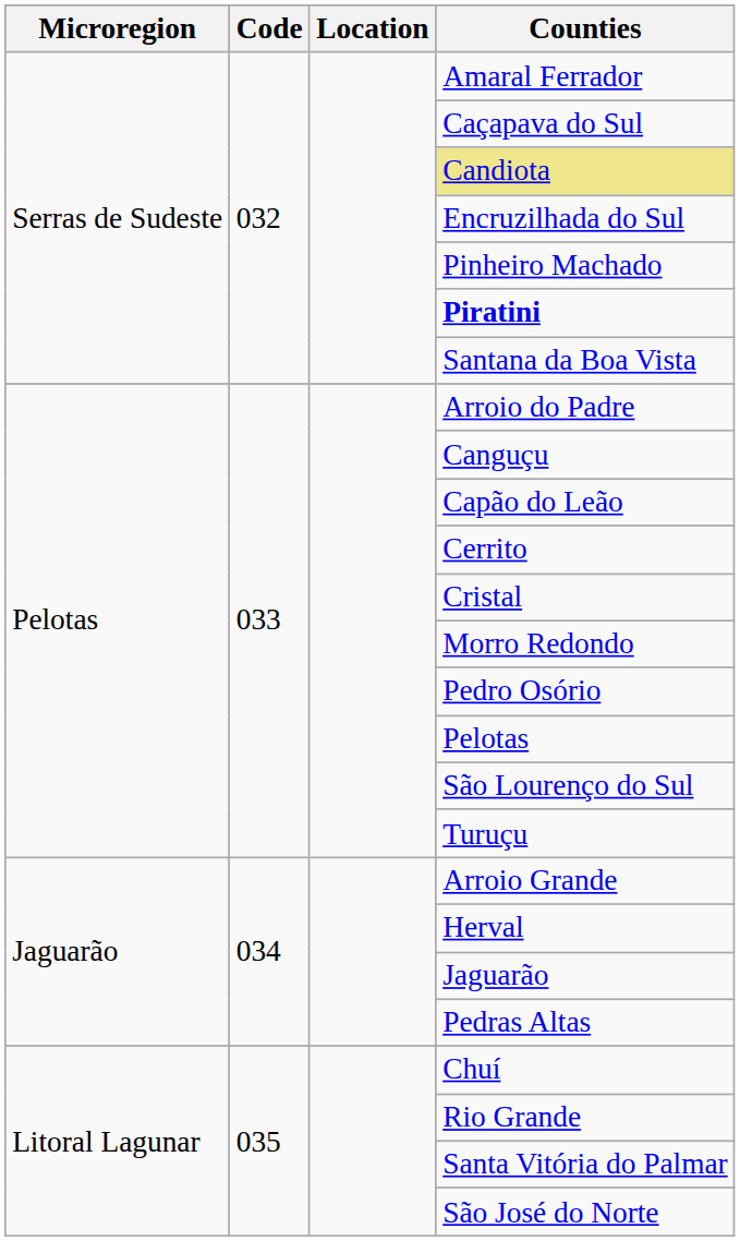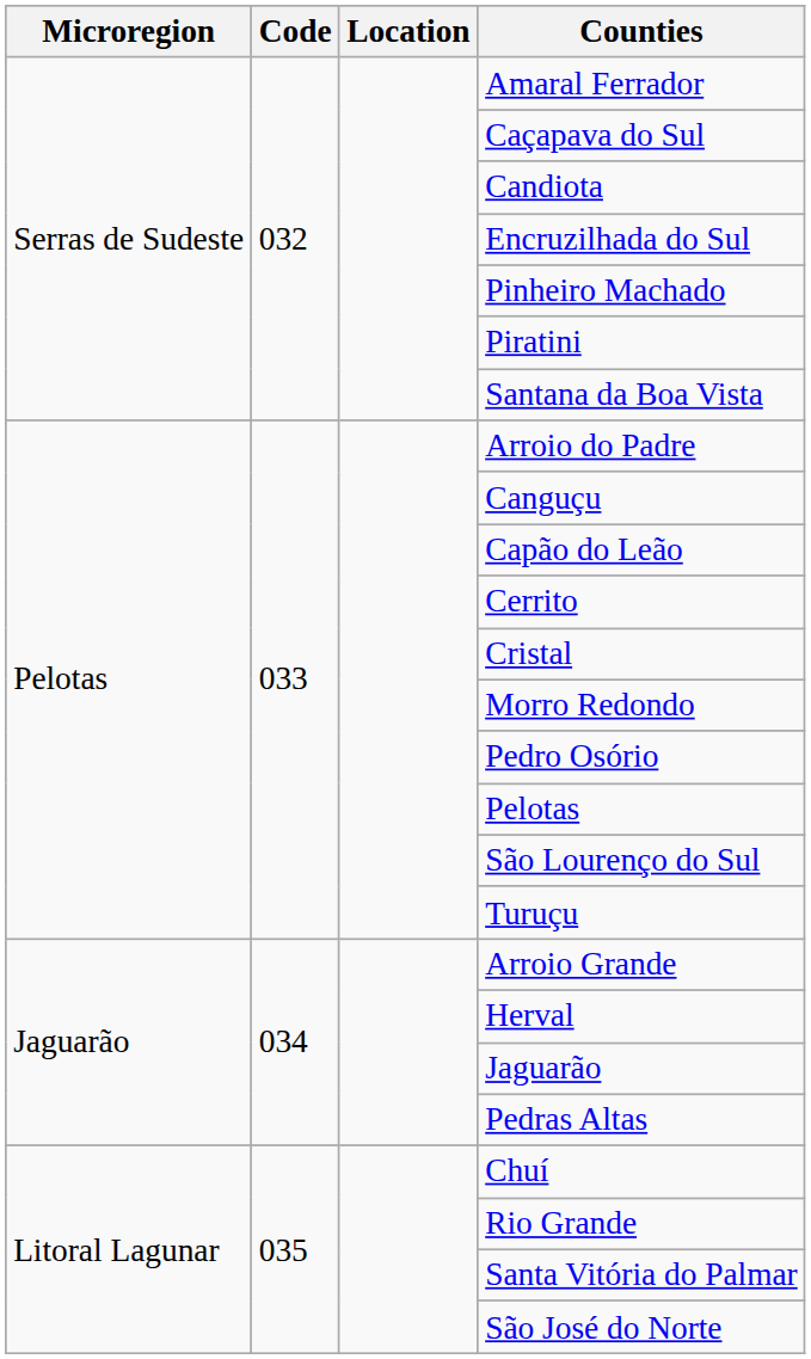 <table class="wikitable sortable">
 <tr>
 <th>Microregion</th>
 <th>Code</th>
 <th>Location</th>
 <th>Counties</th>
 </tr>
 <tr>
 <td rowspan="7">Serras de Sudeste</td>
 <td rowspan="7">032</td>
 <td rowspan="7"></td>
 <td><a href='#'>Amaral Ferrador</a></td>
 </tr>
 <tr>
 <td><a href='#'>Caçapava do Sul</a></td>
 </tr>
 <tr>
-<td style="background: khaki;"><a href='#'>Candiota</a></td>
+<td><a href='#'>Candiota</a></td>
 </tr>
 <tr>
 <td><a href='#'>Encruzilhada do Sul</a></td>
 </tr>
 <tr>
 <td><a href='#'>Pinheiro Machado</a></td>
 </tr>
 <tr>
-<td><strong><a href='#'>Piratini</a></strong></td>
+<td><a href='#'>Piratini</a></td>
 </tr>
 <tr>
 <td><a href='#'>Santana da Boa Vista</a></td>
 </tr>
 <tr>
 <td rowspan="10">Pelotas</td>
 <td rowspan="10">033</td>
 <td rowspan="10"></td>
 <td><a href='#'>Arroio do Padre</a></td>
 </tr>
 <tr>
 <td><a href='#'>Canguçu</a></td>
 </tr>
 <tr>
 <td><a href='#'>Capão do Leão</a></td>
 </tr>
 <tr>
 <td><a href='#'>Cerrito</a></td>
 </tr>
 <tr>
 <td><a href='#'>Cristal</a></td>
 </tr>
 <tr>
 <td><a href='#'>Morro Redondo</a></td>
 </tr>
 <tr>
 <td><a href='#'>Pedro Osório</a></td>
 </tr>
 <tr>
 <td><a href='#'>Pelotas</a></td>
 </tr>
 <tr>
 <td><a href='#'>São Lourenço do Sul</a></td>
 </tr>
 <tr>
 <td><a href='#'>Turuçu</a></td>
 </tr>
 <tr>
 <td rowspan="4">Jaguarão</td>
 <td rowspan="4">034</td>
 <td rowspan="4"></td>
 <td><a href='#'>Arroio Grande</a></td>
 </tr>
 <tr>
 <td><a href='#'>Herval</a></td>
 </tr>
 <tr>
 <td><a href='#'>Jaguarão</a></td>
 </tr>
 <tr>
 <td><a href='#'>Pedras Altas</a></td>
 </tr>
 <tr>
 <td rowspan="4">Litoral Lagunar</td>
 <td rowspan="4">035</td>
 <td rowspan="4"></td>
 <td><a href='#'>Chuí</a></td>
 </tr>
 <tr>
 <td><a href='#'>Rio Grande</a></td>
 </tr>
 <tr>
 <td><a href='#'>Santa Vitória do Palmar</a></td>
 </tr>
 <tr>
 <td><a href='#'>São José do Norte</a></td>
 </tr>
 <tr>
 </tr>
 </table>
